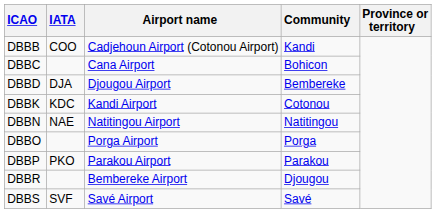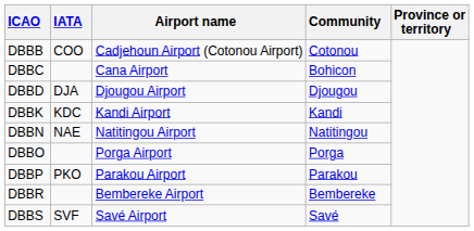 <table class="wikitable" style="width:auto;">
 <tr>
 <th width="*"><a href='#'>ICAO</a>  </th>
 <th width="*"><a href='#'>IATA</a>  </th>
 <th width="*">Airport name  </th>
 <th width="*">Community  </th>
 <th width="*">Province or<br>territory  </th>
 </tr>
 <tr>
 <td>DBBB</td>
 <td>COO</td>
 <td><a href='#'>Cadjehoun Airport</a> (Cotonou Airport)</td>
-<td><a href='#'>Kandi</a></td>
+<td><a href='#'>Cotonou</a></td>
 </tr>
 <tr>
 <td>DBBC</td>
 <td></td>
 <td><a href='#'>Cana Airport</a></td>
 <td><a href='#'>Bohicon</a></td>
 </tr>
 <tr>
 <td>DBBD</td>
 <td>DJA</td>
 <td><a href='#'>Djougou Airport</a></td>
-<td><a href='#'>Bembereke</a></td>
+<td><a href='#'>Djougou</a></td>
 </tr>
 <tr>
 <td>DBBK</td>
 <td>KDC</td>
 <td><a href='#'>Kandi Airport</a></td>
-<td><a href='#'>Cotonou</a></td>
+<td><a href='#'>Kandi</a></td>
 </tr>
 <tr>
 <td>DBBN</td>
 <td>NAE</td>
 <td><a href='#'>Natitingou Airport</a></td>
 <td><a href='#'>Natitingou</a></td>
 </tr>
 <tr>
 <td>DBBO</td>
 <td></td>
 <td><a href='#'>Porga Airport</a></td>
 <td><a href='#'>Porga</a></td>
 </tr>
 <tr>
 <td>DBBP</td>
 <td>PKO</td>
 <td><a href='#'>Parakou Airport</a></td>
 <td><a href='#'>Parakou</a></td>
 </tr>
 <tr>
 <td>DBBR</td>
 <td></td>
 <td><a href='#'>Bembereke Airport</a></td>
-<td><a href='#'>Djougou</a></td>
+<td><a href='#'>Bembereke</a></td>
 </tr>
 <tr>
 <td>DBBS</td>
 <td>SVF</td>
 <td><a href='#'>Savé Airport</a></td>
 <td><a href='#'>Savé</a></td>
 </tr>
 </table>
